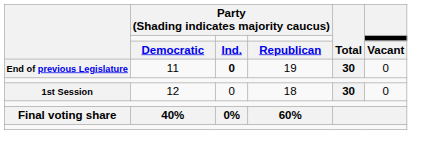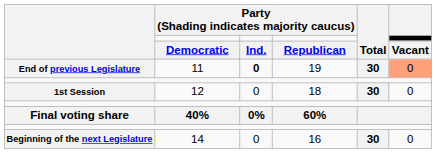 <table class=wikitable style="text-align:center">
 <tr style="vertical-align:bottom;">
 <th rowspan=3></th>
 <th colspan=3>Party <div>(Shading indicates majority caucus)</div></th>
 <th rowspan=3>Total</th>
 <th></th>
 </tr>
 <tr style="height:5px">
 <td style="background-color:"></td>
 <td style="background-color:"></td>
 <td style="background-color:"></td>
 <td style="background:black;"></td>
 </tr>
 <tr>
 <th><a href='#'>Democratic</a></th>
 <th><a href='#'>Ind.</a></th>
 <th><a href='#'>Republican</a></th>
 <th>Vacant</th>
 </tr>
 <tr>
 <th style="font-size:80%;">End of <a href='#'>previous Legislature</a></th>
 <td>11</td>
 <td><strong>0</strong></td>
 <td>19</td>
 <th>30</th>
-<td>0</td>
+<td style="background: lightsalmon;">0</td>
 </tr>
 <tr>
 <td colspan=6></td>
 </tr>
 <tr>
 <th style="font-size:80%;">1st Session</th>
 <td>12</td>
 <td>0</td>
 <td>18</td>
 <th>30</th>
 <td>0</td>
 </tr>
 <tr>
 <td colspan=6></td>
 </tr>
 <tr>
 <th>Final voting share</th>
 <th>40%</th>
 <th>0%</th>
 <th>60%</th>
 <th colspan=2></th>
 </tr>
 <tr>
 <td colspan=6></td>
 </tr>
+<tr>
+<th style="font-size:80%;">Beginning of the <a href='#'>next Legislature</a></th>
+<td>14</td>
+<td>0</td>
+<td>16</td>
+<th>30</th>
+<td>0</td>
+</tr>
 </table>
